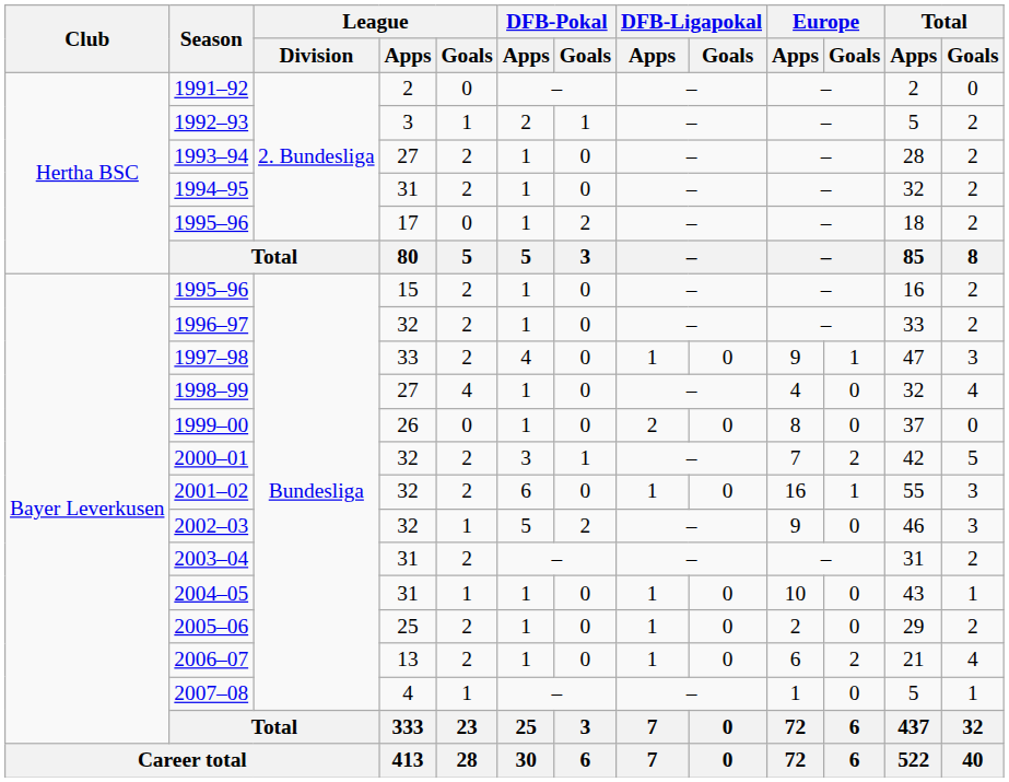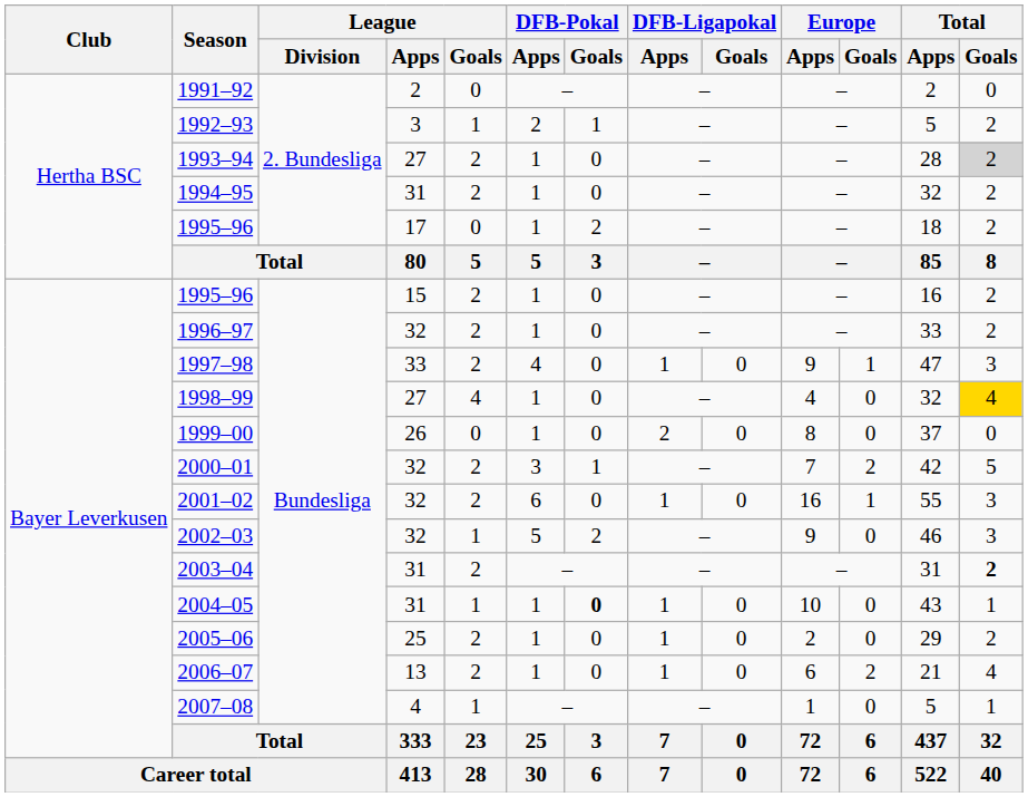 <table class="wikitable" style="text-align:center">
 <tr>
 <th rowspan="2">Club</th>
 <th rowspan="2">Season</th>
 <th colspan="3">League</th>
 <th colspan="2"><a href='#'>DFB-Pokal</a></th>
 <th colspan="2"><a href='#'>DFB-Ligapokal</a></th>
 <th colspan="2"><a href='#'>Europe</a></th>
 <th colspan="2">Total</th>
 </tr>
 <tr>
 <th>Division</th>
 <th>Apps</th>
 <th>Goals</th>
 <th>Apps</th>
 <th>Goals</th>
 <th>Apps</th>
 <th>Goals</th>
 <th>Apps</th>
 <th>Goals</th>
 <th>Apps</th>
 <th>Goals</th>
 </tr>
 <tr>
 <td rowspan="6"><a href='#'>Hertha BSC</a></td>
 <td><a href='#'>1991–92</a></td>
 <td rowspan="5"><a href='#'>2. Bundesliga</a></td>
 <td>2</td>
 <td>0</td>
 <td colspan="2">–</td>
 <td colspan="2">–</td>
 <td colspan="2">–</td>
 <td>2</td>
 <td>0</td>
 </tr>
 <tr>
 <td><a href='#'>1992–93</a></td>
 <td>3</td>
 <td>1</td>
 <td>2</td>
 <td>1</td>
 <td colspan="2">–</td>
 <td colspan="2">–</td>
 <td>5</td>
 <td>2</td>
 </tr>
 <tr>
 <td><a href='#'>1993–94</a></td>
 <td>27</td>
 <td>2</td>
 <td>1</td>
 <td>0</td>
 <td colspan="2">–</td>
 <td colspan="2">–</td>
 <td>28</td>
-<td>2</td>
+<td style="background: lightgrey;">2</td>
 </tr>
 <tr>
 <td><a href='#'>1994–95</a></td>
 <td>31</td>
 <td>2</td>
 <td>1</td>
 <td>0</td>
 <td colspan="2">–</td>
 <td colspan="2">–</td>
 <td>32</td>
 <td>2</td>
 </tr>
 <tr>
 <td><a href='#'>1995–96</a></td>
 <td>17</td>
 <td>0</td>
 <td>1</td>
 <td>2</td>
 <td colspan="2">–</td>
 <td colspan="2">–</td>
 <td>18</td>
 <td>2</td>
 </tr>
 <tr>
 <th colspan="2">Total</th>
 <th>80</th>
 <th>5</th>
 <th>5</th>
 <th>3</th>
 <th colspan="2">–</th>
 <th colspan="2">–</th>
 <th>85</th>
 <th>8</th>
 </tr>
 <tr>
 <td rowspan="14"><a href='#'>Bayer Leverkusen</a></td>
 <td><a href='#'>1995–96</a></td>
 <td rowspan="13"><a href='#'>Bundesliga</a></td>
 <td>15</td>
 <td>2</td>
 <td>1</td>
 <td>0</td>
 <td colspan="2">–</td>
 <td colspan="2">–</td>
 <td>16</td>
 <td>2</td>
 </tr>
 <tr>
 <td><a href='#'>1996–97</a></td>
 <td>32</td>
 <td>2</td>
 <td>1</td>
 <td>0</td>
 <td colspan="2">–</td>
 <td colspan="2">–</td>
 <td>33</td>
 <td>2</td>
 </tr>
 <tr>
 <td><a href='#'>1997–98</a></td>
 <td>33</td>
 <td>2</td>
 <td>4</td>
 <td>0</td>
 <td>1</td>
 <td>0</td>
 <td>9</td>
 <td>1</td>
 <td>47</td>
 <td>3</td>
 </tr>
 <tr>
 <td><a href='#'>1998–99</a></td>
 <td>27</td>
 <td>4</td>
 <td>1</td>
 <td>0</td>
 <td colspan="2">–</td>
 <td>4</td>
 <td>0</td>
 <td>32</td>
-<td>4</td>
+<td style="background: gold;">4</td>
 </tr>
 <tr>
 <td><a href='#'>1999–00</a></td>
 <td>26</td>
 <td>0</td>
 <td>1</td>
 <td>0</td>
 <td>2</td>
 <td>0</td>
 <td>8</td>
 <td>0</td>
 <td>37</td>
 <td>0</td>
 </tr>
 <tr>
 <td><a href='#'>2000–01</a></td>
 <td>32</td>
 <td>2</td>
 <td>3</td>
 <td>1</td>
 <td colspan="2">–</td>
 <td>7</td>
 <td>2</td>
 <td>42</td>
 <td>5</td>
 </tr>
 <tr>
 <td><a href='#'>2001–02</a></td>
 <td>32</td>
 <td>2</td>
 <td>6</td>
 <td>0</td>
 <td>1</td>
 <td>0</td>
 <td>16</td>
 <td>1</td>
 <td>55</td>
 <td>3</td>
 </tr>
 <tr>
 <td><a href='#'>2002–03</a></td>
 <td>32</td>
 <td>1</td>
 <td>5</td>
 <td>2</td>
 <td colspan="2">–</td>
 <td>9</td>
 <td>0</td>
 <td>46</td>
 <td>3</td>
 </tr>
 <tr>
 <td><a href='#'>2003–04</a></td>
 <td>31</td>
 <td>2</td>
 <td colspan="2">–</td>
 <td colspan="2">–</td>
 <td colspan="2">–</td>
 <td>31</td>
-<td>2</td>
+<td><strong>2</strong></td>
 </tr>
 <tr>
 <td><a href='#'>2004–05</a></td>
 <td>31</td>
 <td>1</td>
 <td>1</td>
-<td>0</td>
+<td><strong>0</strong></td>
 <td>1</td>
 <td>0</td>
 <td>10</td>
 <td>0</td>
 <td>43</td>
 <td>1</td>
 </tr>
 <tr>
 <td><a href='#'>2005–06</a></td>
 <td>25</td>
 <td>2</td>
 <td>1</td>
 <td>0</td>
 <td>1</td>
 <td>0</td>
 <td>2</td>
 <td>0</td>
 <td>29</td>
 <td>2</td>
 </tr>
 <tr>
 <td><a href='#'>2006–07</a></td>
 <td>13</td>
 <td>2</td>
 <td>1</td>
 <td>0</td>
 <td>1</td>
 <td>0</td>
 <td>6</td>
 <td>2</td>
 <td>21</td>
 <td>4</td>
 </tr>
 <tr>
 <td><a href='#'>2007–08</a></td>
 <td>4</td>
 <td>1</td>
 <td colspan="2">–</td>
 <td colspan="2">–</td>
 <td>1</td>
 <td>0</td>
 <td>5</td>
 <td>1</td>
 </tr>
 <tr>
 <th colspan="2">Total</th>
 <th>333</th>
 <th>23</th>
 <th>25</th>
 <th>3</th>
 <th>7</th>
 <th>0</th>
 <th>72</th>
 <th>6</th>
 <th>437</th>
 <th>32</th>
 </tr>
 <tr>
 <th colspan="3">Career total</th>
 <th>413</th>
 <th>28</th>
 <th>30</th>
 <th>6</th>
 <th>7</th>
 <th>0</th>
 <th>72</th>
 <th>6</th>
 <th>522</th>
 <th>40</th>
 </tr>
 </table>
